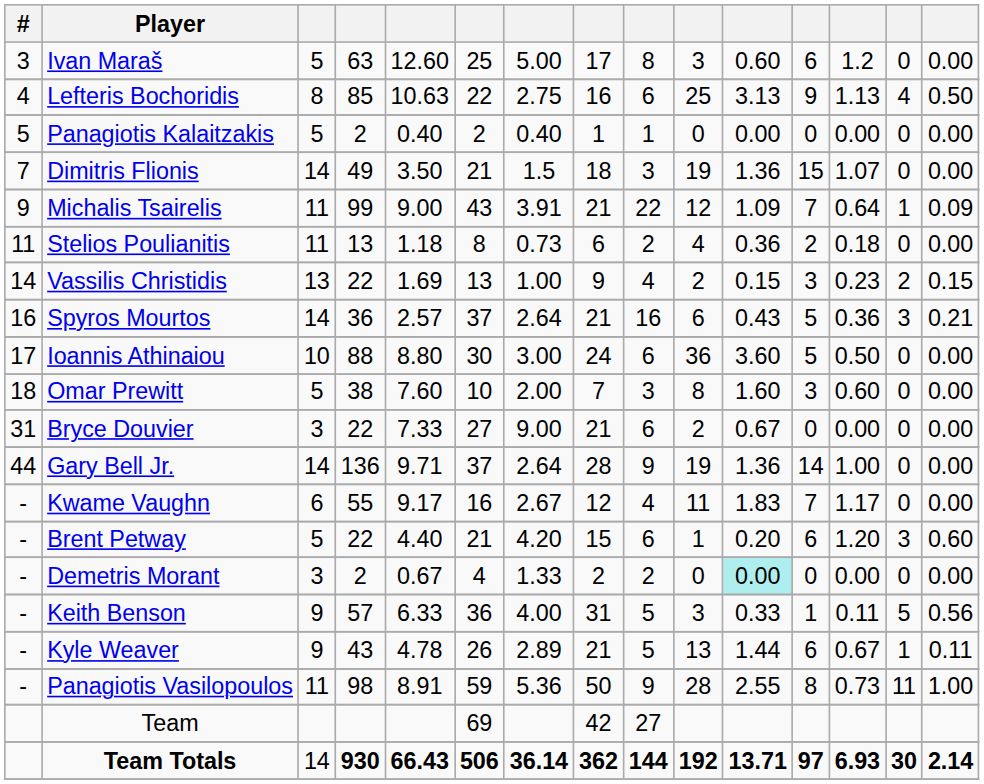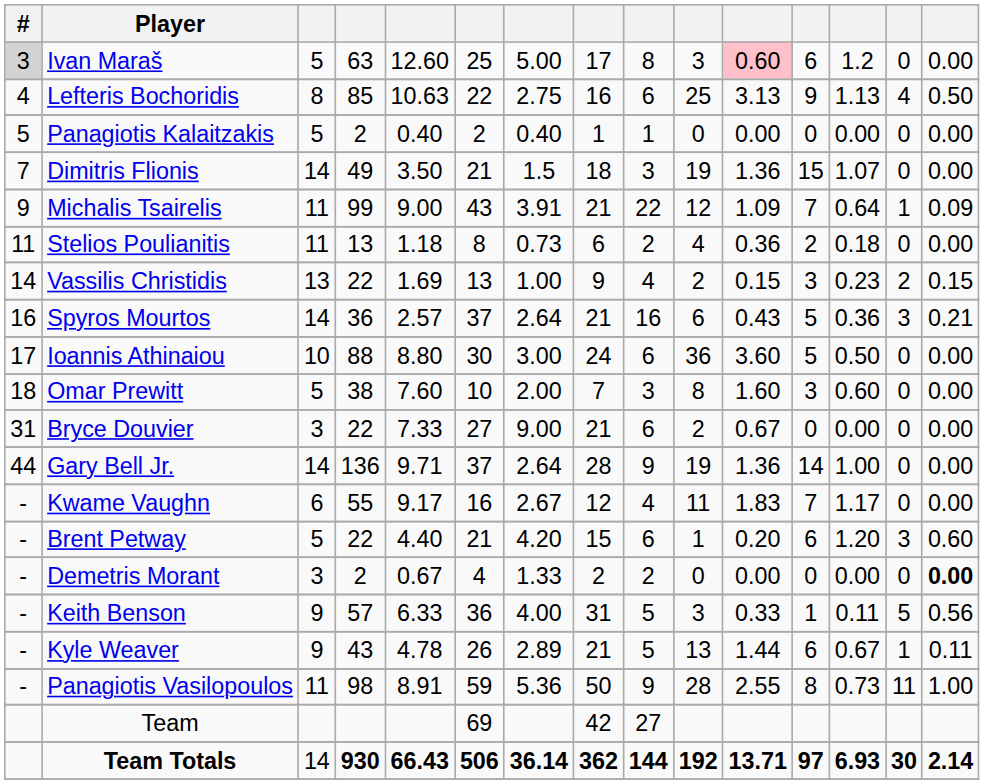 <table class="wikitable sortable" style="font-size:90%; text-align:center;">
 <tr>
 <th>#</th>
 <th>Player</th>
 <th></th>
 <th></th>
 <th></th>
 <th></th>
 <th></th>
 <th></th>
 <th></th>
 <th></th>
 <th></th>
 <th></th>
 <th></th>
 <th></th>
 <th></th>
 </tr>
 <tr>
-<td>3</td>
+<td style="background: lightgrey;">3</td>
 <td align="left"> <a href='#'>Ivan Maraš</a></td>
 <td>5</td>
 <td>63</td>
 <td>12.60</td>
 <td>25</td>
 <td>5.00</td>
 <td>17</td>
 <td>8</td>
 <td>3</td>
-<td>0.60</td>
+<td style="background: pink;">0.60</td>
 <td>6</td>
 <td>1.2</td>
 <td>0</td>
 <td>0.00</td>
 </tr>
 <tr>
 </tr>
 <tr>
 <td>4</td>
 <td align="left"> <a href='#'>Lefteris Bochoridis</a></td>
 <td>8</td>
 <td>85</td>
 <td>10.63</td>
 <td>22</td>
 <td>2.75</td>
 <td>16</td>
 <td>6</td>
 <td>25</td>
 <td>3.13</td>
 <td>9</td>
 <td>1.13</td>
 <td>4</td>
 <td>0.50</td>
 </tr>
 <tr>
 </tr>
 <tr>
 <td>5</td>
 <td align="left"> <a href='#'>Panagiotis Kalaitzakis</a></td>
 <td>5</td>
 <td>2</td>
 <td>0.40</td>
 <td>2</td>
 <td>0.40</td>
 <td>1</td>
 <td>1</td>
 <td>0</td>
 <td>0.00</td>
 <td>0</td>
 <td>0.00</td>
 <td>0</td>
 <td>0.00</td>
 </tr>
 <tr>
 </tr>
 <tr>
 <td>7</td>
 <td align="left"> <a href='#'>Dimitris Flionis</a></td>
 <td>14</td>
 <td>49</td>
 <td>3.50</td>
 <td>21</td>
 <td>1.5</td>
 <td>18</td>
 <td>3</td>
 <td>19</td>
 <td>1.36</td>
 <td>15</td>
 <td>1.07</td>
 <td>0</td>
 <td>0.00</td>
 </tr>
 <tr>
 </tr>
 <tr>
 <td>9</td>
 <td align="left"> <a href='#'>Michalis Tsairelis</a></td>
 <td>11</td>
 <td>99</td>
 <td>9.00</td>
 <td>43</td>
 <td>3.91</td>
 <td>21</td>
 <td>22</td>
 <td>12</td>
 <td>1.09</td>
 <td>7</td>
 <td>0.64</td>
 <td>1</td>
 <td>0.09</td>
 </tr>
 <tr>
 </tr>
 <tr>
 <td>11</td>
 <td align="left"> <a href='#'>Stelios Poulianitis</a></td>
 <td>11</td>
 <td>13</td>
 <td>1.18</td>
 <td>8</td>
 <td>0.73</td>
 <td>6</td>
 <td>2</td>
 <td>4</td>
 <td>0.36</td>
 <td>2</td>
 <td>0.18</td>
 <td>0</td>
 <td>0.00</td>
 </tr>
 <tr>
 </tr>
 <tr>
 <td>14</td>
 <td align="left"> <a href='#'>Vassilis Christidis</a></td>
 <td>13</td>
 <td>22</td>
 <td>1.69</td>
 <td>13</td>
 <td>1.00</td>
 <td>9</td>
 <td>4</td>
 <td>2</td>
 <td>0.15</td>
 <td>3</td>
 <td>0.23</td>
 <td>2</td>
 <td>0.15</td>
 </tr>
 <tr>
 </tr>
 <tr>
 <td>16</td>
 <td align="left"> <a href='#'>Spyros Mourtos</a></td>
 <td>14</td>
 <td>36</td>
 <td>2.57</td>
 <td>37</td>
 <td>2.64</td>
 <td>21</td>
 <td>16</td>
 <td>6</td>
 <td>0.43</td>
 <td>5</td>
 <td>0.36</td>
 <td>3</td>
 <td>0.21</td>
 </tr>
 <tr>
 </tr>
 <tr>
 <td>17</td>
 <td align="left"> <a href='#'>Ioannis Athinaiou</a></td>
 <td>10</td>
 <td>88</td>
 <td>8.80</td>
 <td>30</td>
 <td>3.00</td>
 <td>24</td>
 <td>6</td>
 <td>36</td>
 <td>3.60</td>
 <td>5</td>
 <td>0.50</td>
 <td>0</td>
 <td>0.00</td>
 </tr>
 <tr>
 </tr>
 <tr>
 <td>18</td>
 <td align="left"> <a href='#'>Omar Prewitt</a></td>
 <td>5</td>
 <td>38</td>
 <td>7.60</td>
 <td>10</td>
 <td>2.00</td>
 <td>7</td>
 <td>3</td>
 <td>8</td>
 <td>1.60</td>
 <td>3</td>
 <td>0.60</td>
 <td>0</td>
 <td>0.00</td>
 </tr>
 <tr>
 </tr>
 <tr>
 <td>31</td>
 <td align="left"> <a href='#'>Bryce Douvier</a></td>
 <td>3</td>
 <td>22</td>
 <td>7.33</td>
 <td>27</td>
 <td>9.00</td>
 <td>21</td>
 <td>6</td>
 <td>2</td>
 <td>0.67</td>
 <td>0</td>
 <td>0.00</td>
 <td>0</td>
 <td>0.00</td>
 </tr>
 <tr>
 </tr>
 <tr>
 <td>44</td>
 <td align="left"> <a href='#'>Gary Bell Jr.</a></td>
 <td>14</td>
 <td>136</td>
 <td>9.71</td>
 <td>37</td>
 <td>2.64</td>
 <td>28</td>
 <td>9</td>
 <td>19</td>
 <td>1.36</td>
 <td>14</td>
 <td>1.00</td>
 <td>0</td>
 <td>0.00</td>
 </tr>
 <tr>
 </tr>
 <tr>
 <td>-</td>
 <td align="left"> <a href='#'>Kwame Vaughn</a></td>
 <td>6</td>
 <td>55</td>
 <td>9.17</td>
 <td>16</td>
 <td>2.67</td>
 <td>12</td>
 <td>4</td>
 <td>11</td>
 <td>1.83</td>
 <td>7</td>
 <td>1.17</td>
 <td>0</td>
 <td>0.00</td>
 </tr>
 <tr>
 </tr>
 <tr>
 <td>-</td>
 <td align="left"> <a href='#'>Brent Petway</a></td>
 <td>5</td>
 <td>22</td>
 <td>4.40</td>
 <td>21</td>
 <td>4.20</td>
 <td>15</td>
 <td>6</td>
 <td>1</td>
 <td>0.20</td>
 <td>6</td>
 <td>1.20</td>
 <td>3</td>
 <td>0.60</td>
 </tr>
 <tr>
 </tr>
 <tr>
 <td>-</td>
 <td align="left"> <a href='#'>Demetris Morant</a></td>
 <td>3</td>
 <td>2</td>
 <td>0.67</td>
 <td>4</td>
 <td>1.33</td>
 <td>2</td>
 <td>2</td>
 <td>0</td>
-<td style="background: paleturquoise;">0.00</td>
+<td>0.00</td>
 <td>0</td>
 <td>0.00</td>
 <td>0</td>
-<td>0.00</td>
+<td><strong>0.00</strong></td>
 </tr>
 <tr>
 </tr>
 <tr>
 <td>-</td>
 <td align="left"> <a href='#'>Keith Benson</a></td>
 <td>9</td>
 <td>57</td>
 <td>6.33</td>
 <td>36</td>
 <td>4.00</td>
 <td>31</td>
 <td>5</td>
 <td>3</td>
 <td>0.33</td>
 <td>1</td>
 <td>0.11</td>
 <td>5</td>
 <td>0.56</td>
 </tr>
 <tr>
 </tr>
 <tr>
 <td>-</td>
 <td align="left"> <a href='#'>Kyle Weaver</a></td>
 <td>9</td>
 <td>43</td>
 <td>4.78</td>
 <td>26</td>
 <td>2.89</td>
 <td>21</td>
 <td>5</td>
 <td>13</td>
 <td>1.44</td>
 <td>6</td>
 <td>0.67</td>
 <td>1</td>
 <td>0.11</td>
 </tr>
 <tr>
 </tr>
 <tr>
 <td>-</td>
 <td align="left"> <a href='#'>Panagiotis Vasilopoulos</a></td>
 <td>11</td>
 <td>98</td>
 <td>8.91</td>
 <td>59</td>
 <td>5.36</td>
 <td>50</td>
 <td>9</td>
 <td>28</td>
 <td>2.55</td>
 <td>8</td>
 <td>0.73</td>
 <td>11</td>
 <td>1.00</td>
 </tr>
 <tr>
 </tr>
 <tr>
 <td></td>
 <td>Team</td>
 <td></td>
 <td></td>
 <td></td>
 <td>69</td>
 <td></td>
 <td>42</td>
 <td>27</td>
 <td></td>
 <td></td>
 <td></td>
 <td></td>
 <td></td>
 <td></td>
 </tr>
 <tr>
 </tr>
 <tr>
 <td></td>
 <td><strong>Team Totals</strong></td>
 <td>14</td>
 <td><strong>930</strong></td>
 <td><strong>66.43</strong></td>
 <td><strong>506</strong></td>
 <td><strong>36.14</strong></td>
 <td><strong>362</strong></td>
 <td><strong>144</strong></td>
 <td><strong>192</strong></td>
 <td><strong>13.71</strong></td>
 <td><strong>97</strong></td>
 <td><strong>6.93</strong></td>
 <td><strong>30</strong></td>
 <td><strong>2.14</strong></td>
 </tr>
 <tr>
 </tr>
 </table>
